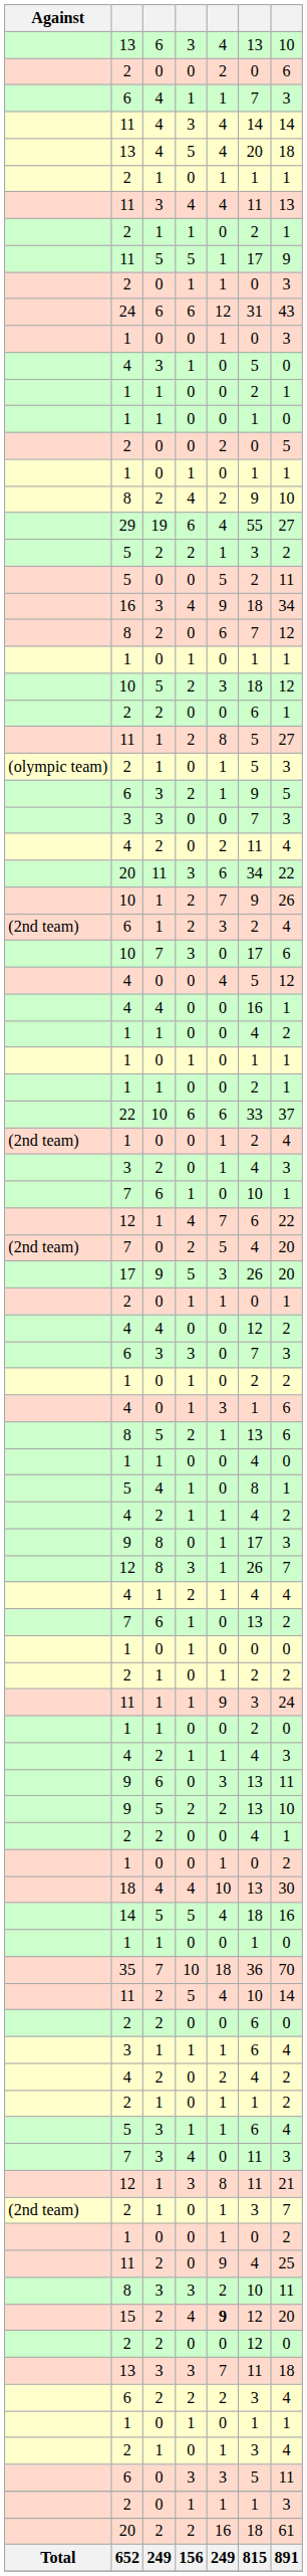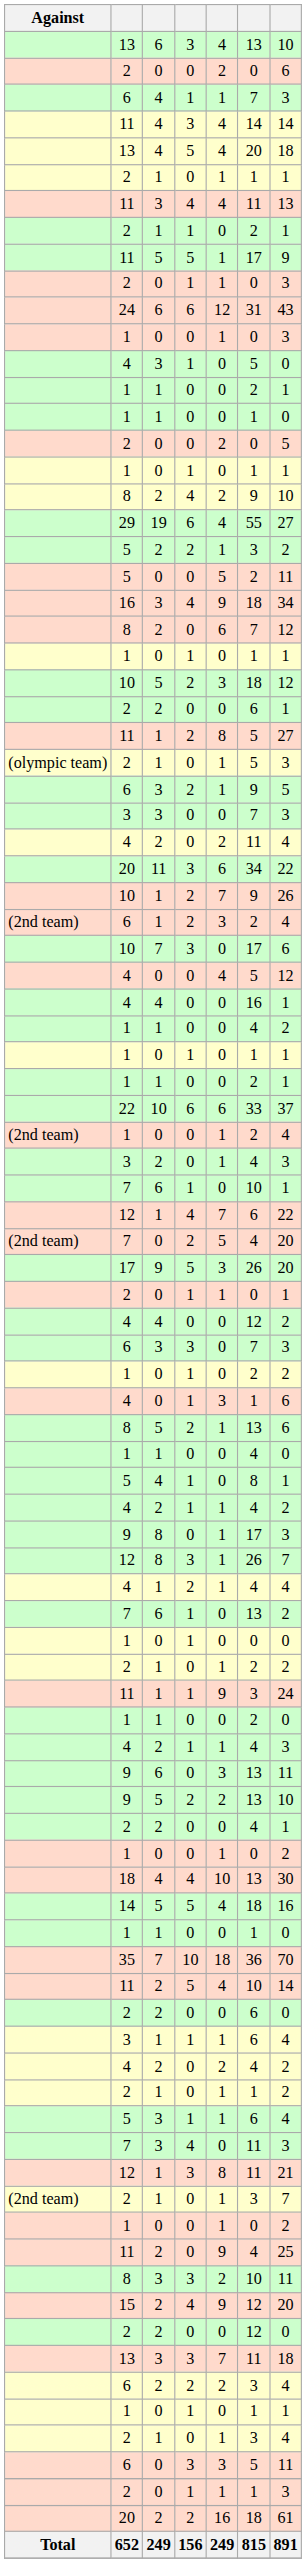 <table class="wikitable sortable collapsible collapsed" style="text-align: center; font-size: 90%;">
 <tr>
 <th>Against</th>
 <th></th>
 <th></th>
 <th></th>
 <th></th>
 <th></th>
 <th></th>
 </tr>
 <tr bgcolor="#CCFFCC">
 <td style="text-align: left;"></td>
 <td>13</td>
 <td>6</td>
 <td>3</td>
 <td>4</td>
 <td>13</td>
 <td>10</td>
 </tr>
 <tr bgcolor="#FFDACC">
 <td style="text-align: left;"></td>
 <td>2</td>
 <td>0</td>
 <td>0</td>
 <td>2</td>
 <td>0</td>
 <td>6</td>
 </tr>
 <tr bgcolor="#CCFFCC">
 <td style="text-align: left;"></td>
 <td>6</td>
 <td>4</td>
 <td>1</td>
 <td>1</td>
 <td>7</td>
 <td>3</td>
 </tr>
 <tr bgcolor="#FFFFCC">
 <td style="text-align: left;"></td>
 <td>11</td>
 <td>4</td>
 <td>3</td>
 <td>4</td>
 <td>14</td>
 <td>14</td>
 </tr>
 <tr bgcolor="#FFFFCC">
 <td style="text-align: left;"></td>
 <td>13</td>
 <td>4</td>
 <td>5</td>
 <td>4</td>
 <td>20</td>
 <td>18</td>
 </tr>
 <tr bgcolor="#FFFFCC">
 <td style="text-align: left;"></td>
 <td>2</td>
 <td>1</td>
 <td>0</td>
 <td>1</td>
 <td>1</td>
 <td>1</td>
 </tr>
 <tr bgcolor="#FFDACC">
 <td style="text-align: left;"></td>
 <td>11</td>
 <td>3</td>
 <td>4</td>
 <td>4</td>
 <td>11</td>
 <td>13</td>
 </tr>
 <tr bgcolor="#CCFFCC">
 <td style="text-align: left;"></td>
 <td>2</td>
 <td>1</td>
 <td>1</td>
 <td>0</td>
 <td>2</td>
 <td>1</td>
 </tr>
 <tr bgcolor="#CCFFCC">
 <td style="text-align: left;"></td>
 <td>11</td>
 <td>5</td>
 <td>5</td>
 <td>1</td>
 <td>17</td>
 <td>9</td>
 </tr>
 <tr bgcolor="#FFDACC">
 <td style="text-align: left;"></td>
 <td>2</td>
 <td>0</td>
 <td>1</td>
 <td>1</td>
 <td>0</td>
 <td>3</td>
 </tr>
 <tr bgcolor="#FFDACC">
 <td style="text-align: left;"></td>
 <td>24</td>
 <td>6</td>
 <td>6</td>
 <td>12</td>
 <td>31</td>
 <td>43</td>
 </tr>
 <tr bgcolor="#FFDACC">
 <td style="text-align: left;"></td>
 <td>1</td>
 <td>0</td>
 <td>0</td>
 <td>1</td>
 <td>0</td>
 <td>3</td>
 </tr>
 <tr bgcolor="#CCFFCC">
 <td style="text-align: left;"></td>
 <td>4</td>
 <td>3</td>
 <td>1</td>
 <td>0</td>
 <td>5</td>
 <td>0</td>
 </tr>
 <tr bgcolor="#CCFFCC">
 <td style="text-align: left;"></td>
 <td>1</td>
 <td>1</td>
 <td>0</td>
 <td>0</td>
 <td>2</td>
 <td>1</td>
 </tr>
 <tr bgcolor="#CCFFCC">
 <td style="text-align: left;"></td>
 <td>1</td>
 <td>1</td>
 <td>0</td>
 <td>0</td>
 <td>1</td>
 <td>0</td>
 </tr>
 <tr bgcolor="#FFDACC">
 <td style="text-align: left;"></td>
 <td>2</td>
 <td>0</td>
 <td>0</td>
 <td>2</td>
 <td>0</td>
 <td>5</td>
 </tr>
 <tr bgcolor="#FFFFCC">
 <td style="text-align: left;"></td>
 <td>1</td>
 <td>0</td>
 <td>1</td>
 <td>0</td>
 <td>1</td>
 <td>1</td>
 </tr>
 <tr bgcolor="#FFFFCC">
 <td style="text-align: left;"></td>
 <td>8</td>
 <td>2</td>
 <td>4</td>
 <td>2</td>
 <td>9</td>
 <td>10</td>
 </tr>
 <tr bgcolor="#CCFFCC">
 <td style="text-align: left;"></td>
 <td>29</td>
 <td>19</td>
 <td>6</td>
 <td>4</td>
 <td>55</td>
 <td>27</td>
 </tr>
 <tr bgcolor="#CCFFCC">
 <td style="text-align: left;"></td>
 <td>5</td>
 <td>2</td>
 <td>2</td>
 <td>1</td>
 <td>3</td>
 <td>2</td>
 </tr>
 <tr bgcolor="#FFDACC">
 <td style="text-align: left;"></td>
 <td>5</td>
 <td>0</td>
 <td>0</td>
 <td>5</td>
 <td>2</td>
 <td>11</td>
 </tr>
 <tr bgcolor="#FFDACC">
 <td style="text-align: left;"></td>
 <td>16</td>
 <td>3</td>
 <td>4</td>
 <td>9</td>
 <td>18</td>
 <td>34</td>
 </tr>
 <tr bgcolor="#FFDACC">
 <td style="text-align: left;"></td>
 <td>8</td>
 <td>2</td>
 <td>0</td>
 <td>6</td>
 <td>7</td>
 <td>12</td>
 </tr>
 <tr bgcolor="#FFFFCC">
 <td style="text-align: left;"></td>
 <td>1</td>
 <td>0</td>
 <td>1</td>
 <td>0</td>
 <td>1</td>
 <td>1</td>
 </tr>
 <tr bgcolor="#CCFFCC">
 <td style="text-align: left;"></td>
 <td>10</td>
 <td>5</td>
 <td>2</td>
 <td>3</td>
 <td>18</td>
 <td>12</td>
 </tr>
 <tr bgcolor="#CCFFCC">
 <td style="text-align: left;"></td>
 <td>2</td>
 <td>2</td>
 <td>0</td>
 <td>0</td>
 <td>6</td>
 <td>1</td>
 </tr>
 <tr bgcolor="#FFDACC">
 <td style="text-align: left;"></td>
 <td>11</td>
 <td>1</td>
 <td>2</td>
 <td>8</td>
 <td>5</td>
 <td>27</td>
 </tr>
 <tr bgcolor="#FFFFCC">
 <td style="text-align: left;"> (olympic team)</td>
 <td>2</td>
 <td>1</td>
 <td>0</td>
 <td>1</td>
 <td>5</td>
 <td>3</td>
 </tr>
 <tr bgcolor="#CCFFCC">
 <td style="text-align: left;"></td>
 <td>6</td>
 <td>3</td>
 <td>2</td>
 <td>1</td>
 <td>9</td>
 <td>5</td>
 </tr>
 <tr bgcolor="#CCFFCC">
 <td style="text-align: left;"></td>
 <td>3</td>
 <td>3</td>
 <td>0</td>
 <td>0</td>
 <td>7</td>
 <td>3</td>
 </tr>
 <tr bgcolor="#FFFFCC">
 <td style="text-align: left;"></td>
 <td>4</td>
 <td>2</td>
 <td>0</td>
 <td>2</td>
 <td>11</td>
 <td>4</td>
 </tr>
 <tr bgcolor="#CCFFCC">
 <td style="text-align: left;"></td>
 <td>20</td>
 <td>11</td>
 <td>3</td>
 <td>6</td>
 <td>34</td>
 <td>22</td>
 </tr>
 <tr bgcolor="#FFDACC">
 <td style="text-align: left;"></td>
 <td>10</td>
 <td>1</td>
 <td>2</td>
 <td>7</td>
 <td>9</td>
 <td>26</td>
 </tr>
 <tr bgcolor="#FFDACC">
 <td style="text-align: left;"> (2nd team)</td>
 <td>6</td>
 <td>1</td>
 <td>2</td>
 <td>3</td>
 <td>2</td>
 <td>4</td>
 </tr>
 <tr bgcolor="#CCFFCC">
 <td style="text-align: left;"></td>
 <td>10</td>
 <td>7</td>
 <td>3</td>
 <td>0</td>
 <td>17</td>
 <td>6</td>
 </tr>
 <tr bgcolor="#FFDACC">
 <td style="text-align: left;"></td>
 <td>4</td>
 <td>0</td>
 <td>0</td>
 <td>4</td>
 <td>5</td>
 <td>12</td>
 </tr>
 <tr bgcolor="#CCFFCC">
 <td style="text-align: left;"></td>
 <td>4</td>
 <td>4</td>
 <td>0</td>
 <td>0</td>
 <td>16</td>
 <td>1</td>
 </tr>
 <tr bgcolor="#CCFFCC">
 <td style="text-align: left;"></td>
 <td>1</td>
 <td>1</td>
 <td>0</td>
 <td>0</td>
 <td>4</td>
 <td>2</td>
 </tr>
 <tr bgcolor="#FFFFCC">
 <td style="text-align: left;"></td>
 <td>1</td>
 <td>0</td>
 <td>1</td>
 <td>0</td>
 <td>1</td>
 <td>1</td>
 </tr>
 <tr bgcolor="#CCFFCC">
 <td style="text-align: left;"></td>
 <td>1</td>
 <td>1</td>
 <td>0</td>
 <td>0</td>
 <td>2</td>
 <td>1</td>
 </tr>
 <tr bgcolor="#CCFFCC">
 <td style="text-align: left;"></td>
 <td>22</td>
 <td>10</td>
 <td>6</td>
 <td>6</td>
 <td>33</td>
 <td>37</td>
 </tr>
 <tr bgcolor="#FFDACC">
 <td style="text-align: left;"> (2nd team)</td>
 <td>1</td>
 <td>0</td>
 <td>0</td>
 <td>1</td>
 <td>2</td>
 <td>4</td>
 </tr>
 <tr bgcolor="#CCFFCC">
 <td style="text-align: left;"></td>
 <td>3</td>
 <td>2</td>
 <td>0</td>
 <td>1</td>
 <td>4</td>
 <td>3</td>
 </tr>
 <tr bgcolor="#CCFFCC">
 <td style="text-align: left;"></td>
 <td>7</td>
 <td>6</td>
 <td>1</td>
 <td>0</td>
 <td>10</td>
 <td>1</td>
 </tr>
 <tr bgcolor="#FFDACC">
 <td style="text-align: left;"></td>
 <td>12</td>
 <td>1</td>
 <td>4</td>
 <td>7</td>
 <td>6</td>
 <td>22</td>
 </tr>
 <tr bgcolor="#FFDACC">
 <td style="text-align: left;"> (2nd team)</td>
 <td>7</td>
 <td>0</td>
 <td>2</td>
 <td>5</td>
 <td>4</td>
 <td>20</td>
 </tr>
 <tr bgcolor="#CCFFCC">
 <td style="text-align: left;"></td>
 <td>17</td>
 <td>9</td>
 <td>5</td>
 <td>3</td>
 <td>26</td>
 <td>20</td>
 </tr>
 <tr bgcolor="#FFDACC">
 <td style="text-align: left;"></td>
 <td>2</td>
 <td>0</td>
 <td>1</td>
 <td>1</td>
 <td>0</td>
 <td>1</td>
 </tr>
 <tr bgcolor="#CCFFCC">
 <td style="text-align: left;"></td>
 <td>4</td>
 <td>4</td>
 <td>0</td>
 <td>0</td>
 <td>12</td>
 <td>2</td>
 </tr>
 <tr bgcolor="#CCFFCC">
 <td style="text-align: left;"></td>
 <td>6</td>
 <td>3</td>
 <td>3</td>
 <td>0</td>
 <td>7</td>
 <td>3</td>
 </tr>
 <tr bgcolor="#FFFFCC">
 <td style="text-align: left;"></td>
 <td>1</td>
 <td>0</td>
 <td>1</td>
 <td>0</td>
 <td>2</td>
 <td>2</td>
 </tr>
 <tr bgcolor="#FFDACC">
 <td style="text-align: left;"></td>
 <td>4</td>
 <td>0</td>
 <td>1</td>
 <td>3</td>
 <td>1</td>
 <td>6</td>
 </tr>
 <tr bgcolor="#CCFFCC">
 <td style="text-align: left;"></td>
 <td>8</td>
 <td>5</td>
 <td>2</td>
 <td>1</td>
 <td>13</td>
 <td>6</td>
 </tr>
 <tr bgcolor="#CCFFCC">
 <td style="text-align: left;"></td>
 <td>1</td>
 <td>1</td>
 <td>0</td>
 <td>0</td>
 <td>4</td>
 <td>0</td>
 </tr>
 <tr bgcolor="#CCFFCC">
 <td style="text-align: left;"></td>
 <td>5</td>
 <td>4</td>
 <td>1</td>
 <td>0</td>
 <td>8</td>
 <td>1</td>
 </tr>
 <tr bgcolor="#CCFFCC">
 <td style="text-align: left;"></td>
 <td>4</td>
 <td>2</td>
 <td>1</td>
 <td>1</td>
 <td>4</td>
 <td>2</td>
 </tr>
 <tr bgcolor="#CCFFCC">
 <td style="text-align: left;"></td>
 <td>9</td>
 <td>8</td>
 <td>0</td>
 <td>1</td>
 <td>17</td>
 <td>3</td>
 </tr>
 <tr bgcolor="#CCFFCC">
 <td style="text-align: left;"></td>
 <td>12</td>
 <td>8</td>
 <td>3</td>
 <td>1</td>
 <td>26</td>
 <td>7</td>
 </tr>
 <tr bgcolor="#FFFFCC">
 <td style="text-align: left;"></td>
 <td>4</td>
 <td>1</td>
 <td>2</td>
 <td>1</td>
 <td>4</td>
 <td>4</td>
 </tr>
 <tr bgcolor="#CCFFCC">
 <td style="text-align: left;"></td>
 <td>7</td>
 <td>6</td>
 <td>1</td>
 <td>0</td>
 <td>13</td>
 <td>2</td>
 </tr>
 <tr bgcolor="#FFFFCC">
 <td style="text-align: left;"></td>
 <td>1</td>
 <td>0</td>
 <td>1</td>
 <td>0</td>
 <td>0</td>
 <td>0</td>
 </tr>
 <tr bgcolor="#FFFFCC">
 <td style="text-align: left;"></td>
 <td>2</td>
 <td>1</td>
 <td>0</td>
 <td>1</td>
 <td>2</td>
 <td>2</td>
 </tr>
 <tr bgcolor="#FFDACC">
 <td style="text-align: left;"></td>
 <td>11</td>
 <td>1</td>
 <td>1</td>
 <td>9</td>
 <td>3</td>
 <td>24</td>
 </tr>
 <tr bgcolor="#CCFFCC">
 <td style="text-align: left;"></td>
 <td>1</td>
 <td>1</td>
 <td>0</td>
 <td>0</td>
 <td>2</td>
 <td>0</td>
 </tr>
 <tr bgcolor="#CCFFCC">
 <td style="text-align: left;"></td>
 <td>4</td>
 <td>2</td>
 <td>1</td>
 <td>1</td>
 <td>4</td>
 <td>3</td>
 </tr>
 <tr bgcolor="#CCFFCC">
 <td style="text-align: left;"></td>
 <td>9</td>
 <td>6</td>
 <td>0</td>
 <td>3</td>
 <td>13</td>
 <td>11</td>
 </tr>
 <tr bgcolor="#CCFFCC">
 <td style="text-align: left;"></td>
 <td>9</td>
 <td>5</td>
 <td>2</td>
 <td>2</td>
 <td>13</td>
 <td>10</td>
 </tr>
 <tr bgcolor="#CCFFCC">
 <td style="text-align: left;"></td>
 <td>2</td>
 <td>2</td>
 <td>0</td>
 <td>0</td>
 <td>4</td>
 <td>1</td>
 </tr>
 <tr bgcolor="#FFDACC">
 <td style="text-align: left;"></td>
 <td>1</td>
 <td>0</td>
 <td>0</td>
 <td>1</td>
 <td>0</td>
 <td>2</td>
 </tr>
 <tr bgcolor="#FFDACC">
 <td style="text-align: left;"></td>
 <td>18</td>
 <td>4</td>
 <td>4</td>
 <td>10</td>
 <td>13</td>
 <td>30</td>
 </tr>
 <tr bgcolor="#CCFFCC">
 <td style="text-align: left;"></td>
 <td>14</td>
 <td>5</td>
 <td>5</td>
 <td>4</td>
 <td>18</td>
 <td>16</td>
 </tr>
 <tr bgcolor="#CCFFCC">
 <td style="text-align: left;"></td>
 <td>1</td>
 <td>1</td>
 <td>0</td>
 <td>0</td>
 <td>1</td>
 <td>0</td>
 </tr>
 <tr bgcolor="#FFDACC">
 <td style="text-align: left;"></td>
 <td>35</td>
 <td>7</td>
 <td>10</td>
 <td>18</td>
 <td>36</td>
 <td>70</td>
 </tr>
 <tr bgcolor="#FFDACC">
 <td style="text-align: left;"></td>
 <td>11</td>
 <td>2</td>
 <td>5</td>
 <td>4</td>
 <td>10</td>
 <td>14</td>
 </tr>
 <tr bgcolor="#CCFFCC">
 <td style="text-align: left;"></td>
 <td>2</td>
 <td>2</td>
 <td>0</td>
 <td>0</td>
 <td>6</td>
 <td>0</td>
 </tr>
 <tr bgcolor="#FFFFCC">
 <td style="text-align: left;"></td>
 <td>3</td>
 <td>1</td>
 <td>1</td>
 <td>1</td>
 <td>6</td>
 <td>4</td>
 </tr>
 <tr bgcolor="#FFFFCC">
 <td style="text-align: left;"></td>
 <td>4</td>
 <td>2</td>
 <td>0</td>
 <td>2</td>
 <td>4</td>
 <td>2</td>
 </tr>
 <tr bgcolor="#FFFFCC">
 <td style="text-align: left;"></td>
 <td>2</td>
 <td>1</td>
 <td>0</td>
 <td>1</td>
 <td>1</td>
 <td>2</td>
 </tr>
 <tr bgcolor="#CCFFCC">
 <td style="text-align: left;"></td>
 <td>5</td>
 <td>3</td>
 <td>1</td>
 <td>1</td>
 <td>6</td>
 <td>4</td>
 </tr>
 <tr bgcolor="#CCFFCC">
 <td style="text-align: left;"></td>
 <td>7</td>
 <td>3</td>
 <td>4</td>
 <td>0</td>
 <td>11</td>
 <td>3</td>
 </tr>
 <tr bgcolor="#FFDACC">
 <td style="text-align: left;"></td>
 <td>12</td>
 <td>1</td>
 <td>3</td>
 <td>8</td>
 <td>11</td>
 <td>21</td>
 </tr>
 <tr bgcolor="#FFFFCC">
 <td style="text-align: left;"> (2nd team)</td>
 <td>2</td>
 <td>1</td>
 <td>0</td>
 <td>1</td>
 <td>3</td>
 <td>7</td>
 </tr>
 <tr bgcolor="#FFDACC">
 <td style="text-align: left;"></td>
 <td>1</td>
 <td>0</td>
 <td>0</td>
 <td>1</td>
 <td>0</td>
 <td>2</td>
 </tr>
 <tr bgcolor="#FFDACC">
 <td style="text-align: left;"></td>
 <td>11</td>
 <td>2</td>
 <td>0</td>
 <td>9</td>
 <td>4</td>
 <td>25</td>
 </tr>
 <tr bgcolor="#CCFFCC">
 <td style="text-align: left;"></td>
 <td>8</td>
 <td>3</td>
 <td>3</td>
 <td>2</td>
 <td>10</td>
 <td>11</td>
 </tr>
 <tr bgcolor="#FFDACC">
 <td style="text-align: left;"></td>
 <td>15</td>
 <td>2</td>
 <td>4</td>
-<td><strong>9</strong></td>
+<td>9</td>
 <td>12</td>
 <td>20</td>
 </tr>
 <tr bgcolor="#CCFFCC">
 <td style="text-align: left;"></td>
 <td>2</td>
 <td>2</td>
 <td>0</td>
 <td>0</td>
 <td>12</td>
 <td>0</td>
 </tr>
 <tr bgcolor="#FFDACC">
 <td style="text-align: left;"></td>
 <td>13</td>
 <td>3</td>
 <td>3</td>
 <td>7</td>
 <td>11</td>
 <td>18</td>
 </tr>
 <tr bgcolor="#FFFFCC">
 <td style="text-align: left;"></td>
 <td>6</td>
 <td>2</td>
 <td>2</td>
 <td>2</td>
 <td>3</td>
 <td>4</td>
 </tr>
 <tr bgcolor="#FFFFCC">
 <td style="text-align: left;"></td>
 <td>1</td>
 <td>0</td>
 <td>1</td>
 <td>0</td>
 <td>1</td>
 <td>1</td>
 </tr>
 <tr bgcolor="#FFFFCC">
 <td style="text-align: left;"></td>
 <td>2</td>
 <td>1</td>
 <td>0</td>
 <td>1</td>
 <td>3</td>
 <td>4</td>
 </tr>
 <tr bgcolor="#FFDACC">
 <td style="text-align: left;"></td>
 <td>6</td>
 <td>0</td>
 <td>3</td>
 <td>3</td>
 <td>5</td>
 <td>11</td>
 </tr>
 <tr>
 </tr>
 <tr bgcolor="#FFDACC">
 <td style="text-align: left;"></td>
 <td>2</td>
 <td>0</td>
 <td>1</td>
 <td>1</td>
 <td>1</td>
 <td>3</td>
 </tr>
 <tr>
 </tr>
 <tr bgcolor="#FFDACC">
 <td style="text-align: left;"></td>
 <td>20</td>
 <td>2</td>
 <td>2</td>
 <td>16</td>
 <td>18</td>
 <td>61</td>
 </tr>
 <tr>
 <th>Total</th>
 <th>652</th>
 <th>249</th>
 <th>156</th>
 <th>249</th>
 <th>815</th>
 <th>891</th>
 </tr>
 <tr>
 </tr>
 </table>
